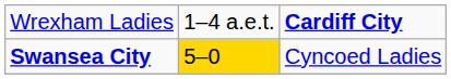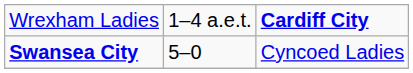 <table class="wikitable">
 <tr>
 <td><a href='#'>Wrexham Ladies</a></td>
 <td>1–4 a.e.t.</td>
 <td><strong><a href='#'>Cardiff City</a></strong></td>
 </tr>
 <tr>
 <td><strong><a href='#'>Swansea City</a></strong></td>
-<td style="background: gold;">5–0</td>
+<td>5–0</td>
 <td><a href='#'>Cyncoed Ladies</a></td>
 </tr>
 <tr>
 </tr>
 </table>
